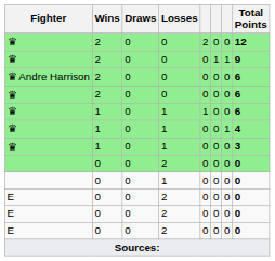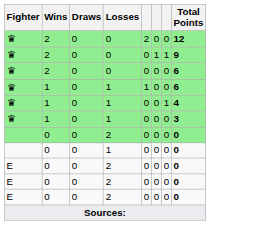 <table class="wikitable sortable">
 <tr>
 <th>Fighter</th>
 <th>Wins</th>
 <th>Draws</th>
 <th>Losses</th>
 <th></th>
 <th></th>
 <th></th>
 <th>Total<br> Points</th>
 </tr>
 <tr>
 <td style="background:#90EE90;">♛  </td>
 <td style="background:#90EE90;">2</td>
 <td style="background:#90EE90;">0</td>
 <td style="background:#90EE90;">0</td>
 <td style="background:#90EE90;">2</td>
 <td style="background:#90EE90;">0</td>
 <td style="background:#90EE90;">0</td>
 <td style="background:#90EE90;"><strong>12</strong></td>
 </tr>
 <tr>
 <td style="background:#90EE90;">♛  </td>
 <td style="background:#90EE90;">2</td>
 <td style="background:#90EE90;">0</td>
 <td style="background:#90EE90;">0</td>
 <td style="background:#90EE90;">0</td>
 <td style="background:#90EE90;">1</td>
 <td style="background:#90EE90;">1</td>
 <td style="background:#90EE90;"><strong>9</strong></td>
-</tr>
-<tr>
-<td style="background:#90EE90;">♛  Andre Harrison</td>
-<td style="background:#90EE90;">2</td>
-<td style="background:#90EE90;">0</td>
-<td style="background:#90EE90;">0</td>
-<td style="background:#90EE90;">0</td>
-<td style="background:#90EE90;">0</td>
-<td style="background:#90EE90;">0</td>
-<td style="background:#90EE90;"><strong>6</strong></td>
 </tr>
 <tr>
 <td style="background:#90EE90;">♛   </td>
 <td style="background:#90EE90;">2</td>
 <td style="background:#90EE90;">0</td>
 <td style="background:#90EE90;">0</td>
 <td style="background:#90EE90;">0</td>
 <td style="background:#90EE90;">0</td>
 <td style="background:#90EE90;">0</td>
 <td style="background:#90EE90;"><strong>6</strong></td>
 </tr>
 <tr>
 <td style="background:#90EE90;">♛  </td>
 <td style="background:#90EE90;">1</td>
 <td style="background:#90EE90;">0</td>
 <td style="background:#90EE90;">1</td>
 <td style="background:#90EE90;">1</td>
 <td style="background:#90EE90;">0</td>
 <td style="background:#90EE90;">0</td>
 <td style="background:#90EE90;"><strong>6</strong></td>
 </tr>
 <tr>
 <td style="background:#90EE90;">♛   </td>
 <td style="background:#90EE90;">1</td>
 <td style="background:#90EE90;">0</td>
 <td style="background:#90EE90;">1</td>
 <td style="background:#90EE90;">0</td>
 <td style="background:#90EE90;">0</td>
 <td style="background:#90EE90;">1</td>
 <td style="background:#90EE90;"><strong>4</strong></td>
 </tr>
 <tr>
 <td style="background:#90EE90;">♛   </td>
 <td style="background:#90EE90;">1</td>
 <td style="background:#90EE90;">0</td>
 <td style="background:#90EE90;">1</td>
 <td style="background:#90EE90;">0</td>
 <td style="background:#90EE90;">0</td>
 <td style="background:#90EE90;">0</td>
 <td style="background:#90EE90;"><strong>3</strong></td>
 </tr>
 <tr>
 <td style="background:#90EE90;"></td>
 <td style="background:#90EE90;">0</td>
 <td style="background:#90EE90;">0</td>
 <td style="background:#90EE90;">2</td>
 <td style="background:#90EE90;">0</td>
 <td style="background:#90EE90;">0</td>
 <td style="background:#90EE90;">0</td>
 <td style="background:#90EE90;"><strong>0</strong></td>
 </tr>
 <tr>
 <td></td>
 <td>0</td>
 <td>0</td>
 <td>1</td>
 <td>0</td>
 <td>0</td>
 <td>0</td>
 <td><strong>0</strong></td>
 </tr>
 <tr>
 <td>E </td>
 <td>0</td>
 <td>0</td>
 <td>2</td>
 <td>0</td>
 <td>0</td>
 <td>0</td>
 <td><strong>0</strong></td>
 </tr>
 <tr>
 <td>E  </td>
 <td>0</td>
 <td>0</td>
 <td>2</td>
 <td>0</td>
 <td>0</td>
 <td>0</td>
 <td><strong>0</strong></td>
 </tr>
 <tr>
 <td>E </td>
 <td>0</td>
 <td>0</td>
 <td>2</td>
 <td>0</td>
 <td>0</td>
 <td>0</td>
 <td><strong>0</strong></td>
 </tr>
 <tr>
 <td colspan="8" style="background-color:#EAECF0; text-align:center"><strong>Sources:</strong></td>
 </tr>
 </table>
